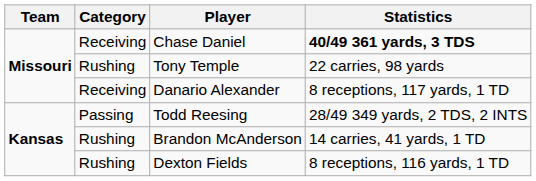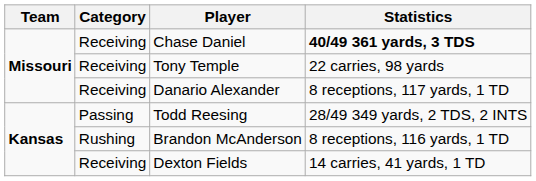 <table class="wikitable" style="float: right;">
 <tr>
 <th>Team</th>
 <th>Category</th>
 <th>Player</th>
 <th>Statistics</th>
 </tr>
 <tr>
 <td rowspan=3><strong>Missouri</strong></td>
 <td>Receiving</td>
 <td>Chase Daniel</td>
 <td><strong>40/49 361 yards, 3 TDS</strong></td>
 </tr>
 <tr>
-<td>Rushing</td>
+<td>Receiving</td>
 <td>Tony Temple</td>
 <td>22 carries, 98 yards</td>
 </tr>
 <tr>
 <td>Receiving</td>
 <td>Danario Alexander</td>
 <td>8 receptions, 117 yards, 1 TD</td>
 </tr>
 <tr>
 <td rowspan=3><strong>Kansas</strong></td>
 <td>Passing</td>
 <td>Todd Reesing</td>
 <td>28/49 349 yards, 2 TDS, 2 INTS</td>
 </tr>
 <tr>
 <td>Rushing</td>
 <td>Brandon McAnderson</td>
+<td>8 receptions, 116 yards, 1 TD</td>
+</tr>
+<tr>
+<td>Receiving</td>
+<td>Dexton Fields</td>
 <td>14 carries, 41 yards, 1 TD</td>
 </tr>
-<tr>
-<td>Rushing</td>
-<td>Dexton Fields</td>
-<td>8 receptions, 116 yards, 1 TD</td>
-</tr>
 </table>
